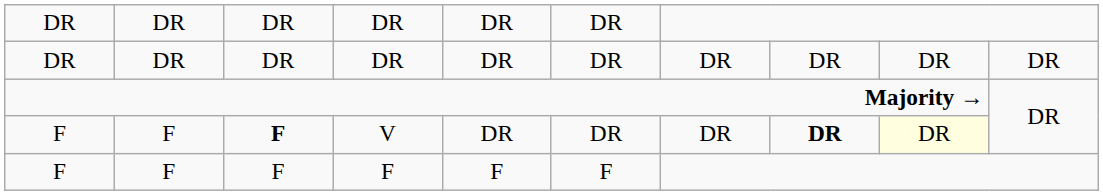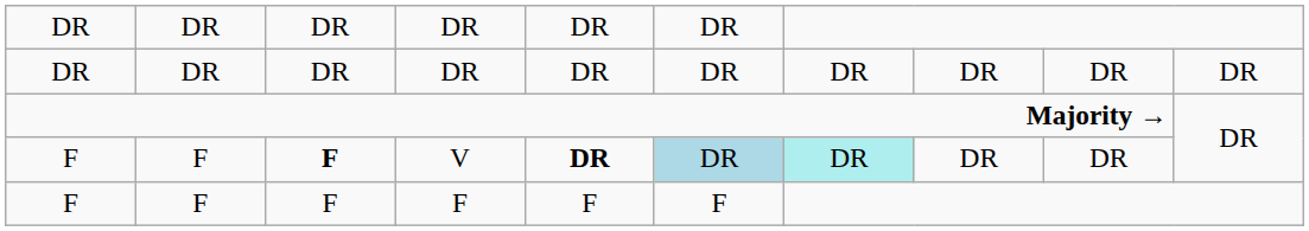 <table class="wikitable" style="text-align:center" width=750px>
 <tr>
 <td>DR</td>
 <td>DR</td>
 <td>DR</td>
 <td>DR</td>
 <td>DR</td>
 <td>DR</td>
 </tr>
 <tr>
 <td width=50px >DR</td>
 <td width=50px >DR</td>
 <td width=50px >DR</td>
 <td width=50px >DR</td>
 <td width=50px >DR</td>
 <td width=50px >DR</td>
 <td width=50px >DR</td>
 <td width=50px >DR</td>
 <td width=50px >DR</td>
 <td width=50px >DR<br></td>
 </tr>
 <tr>
 <td colspan=9 style="text-align:right"><strong>Majority →</strong></td>
 <td rowspan=2 >DR<br></td>
 </tr>
 <tr>
 <td>F<br></td>
 <td>F<br></td>
 <td><strong>F<br></strong></td>
 <td>V<br></td>
+<td><strong>DR<br></strong></td>
+<td style="background: lightblue;">DR<br></td>
+<td style="background: paleturquoise;">DR<br></td>
 <td>DR<br></td>
 <td>DR<br></td>
-<td>DR<br></td>
-<td><strong>DR<br></strong></td>
-<td style="background: lightyellow;">DR<br></td>
 </tr>
 <tr>
 <td>F</td>
 <td>F</td>
 <td>F</td>
 <td>F</td>
 <td>F</td>
 <td>F</td>
 </tr>
 </table>
